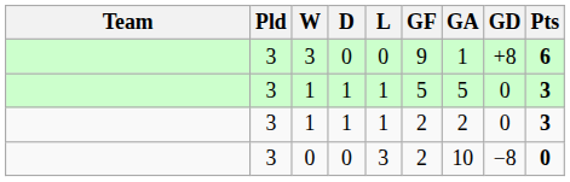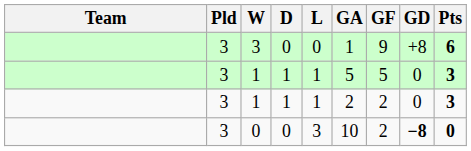 <table class="wikitable" style="text-align: center;">
 <tr>
 <th width=175>Team</th>
 <th width=20>Pld</th>
 <th width=20>W</th>
 <th width=20>D</th>
 <th width=20>L</th>
+<th width=20>GA</th>
 <th width=20>GF</th>
-<th width=20>GA</th>
 <th width=20>GD</th>
 <th width=20>Pts</th>
 </tr>
 <tr bgcolor=ccffcc>
 <td style="text-align:left;"></td>
 <td>3</td>
 <td>3</td>
 <td>0</td>
 <td>0</td>
+<td>1</td>
 <td>9</td>
-<td>1</td>
 <td>+8</td>
 <td><strong>6</strong></td>
 </tr>
 <tr bgcolor=ccffcc>
 <td style="text-align:left;"></td>
 <td>3</td>
 <td>1</td>
 <td>1</td>
 <td>1</td>
 <td>5</td>
 <td>5</td>
 <td>0</td>
 <td><strong>3</strong></td>
 </tr>
 <tr>
 <td style="text-align:left;"></td>
 <td>3</td>
 <td>1</td>
 <td>1</td>
 <td>1</td>
 <td>2</td>
 <td>2</td>
 <td>0</td>
 <td><strong>3</strong></td>
 </tr>
 <tr>
 <td style="text-align:left;"></td>
 <td>3</td>
 <td>0</td>
 <td>0</td>
 <td>3</td>
+<td>10</td>
 <td>2</td>
-<td>10</td>
-<td>−8</td>
+<td><strong>−8</strong></td>
 <td><strong>0</strong></td>
 </tr>
 </table>
